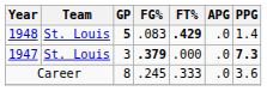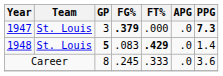 <table class="wikitable sortable" style="font-size:95%; text-align:right;">
 <tr>
 <th>Year</th>
 <th>Team</th>
 <th>GP</th>
 <th>FG%</th>
 <th>FT%</th>
 <th>APG</th>
 <th>PPG</th>
 </tr>
 <tr>
+<td style="text-align:left;"><a href='#'>1947</a></td>
+<td style="text-align:left;"><a href='#'>St. Louis</a></td>
+<td>3</td>
+<td><strong>.379</strong></td>
+<td>.000</td>
+<td>.0</td>
+<td><strong>7.3</strong></td>
+</tr>
+<tr>
 <td style="text-align:left;"><a href='#'>1948</a></td>
 <td style="text-align:left;"><a href='#'>St. Louis</a></td>
 <td><strong>5</strong></td>
 <td>.083</td>
 <td><strong>.429</strong></td>
 <td>.0</td>
 <td>1.4</td>
-</tr>
-<tr>
-<td style="text-align:left;"><a href='#'>1947</a></td>
-<td style="text-align:left;"><a href='#'>St. Louis</a></td>
-<td>3</td>
-<td><strong>.379</strong></td>
-<td>.000</td>
-<td>.0</td>
-<td><strong>7.3</strong></td>
 </tr>
 <tr>
 <td style="text-align:center;" colspan="2">Career</td>
 <td>8</td>
 <td>.245</td>
 <td>.333</td>
 <td>.0</td>
 <td>3.6</td>
 </tr>
 <tr>
 </tr>
 </table>
